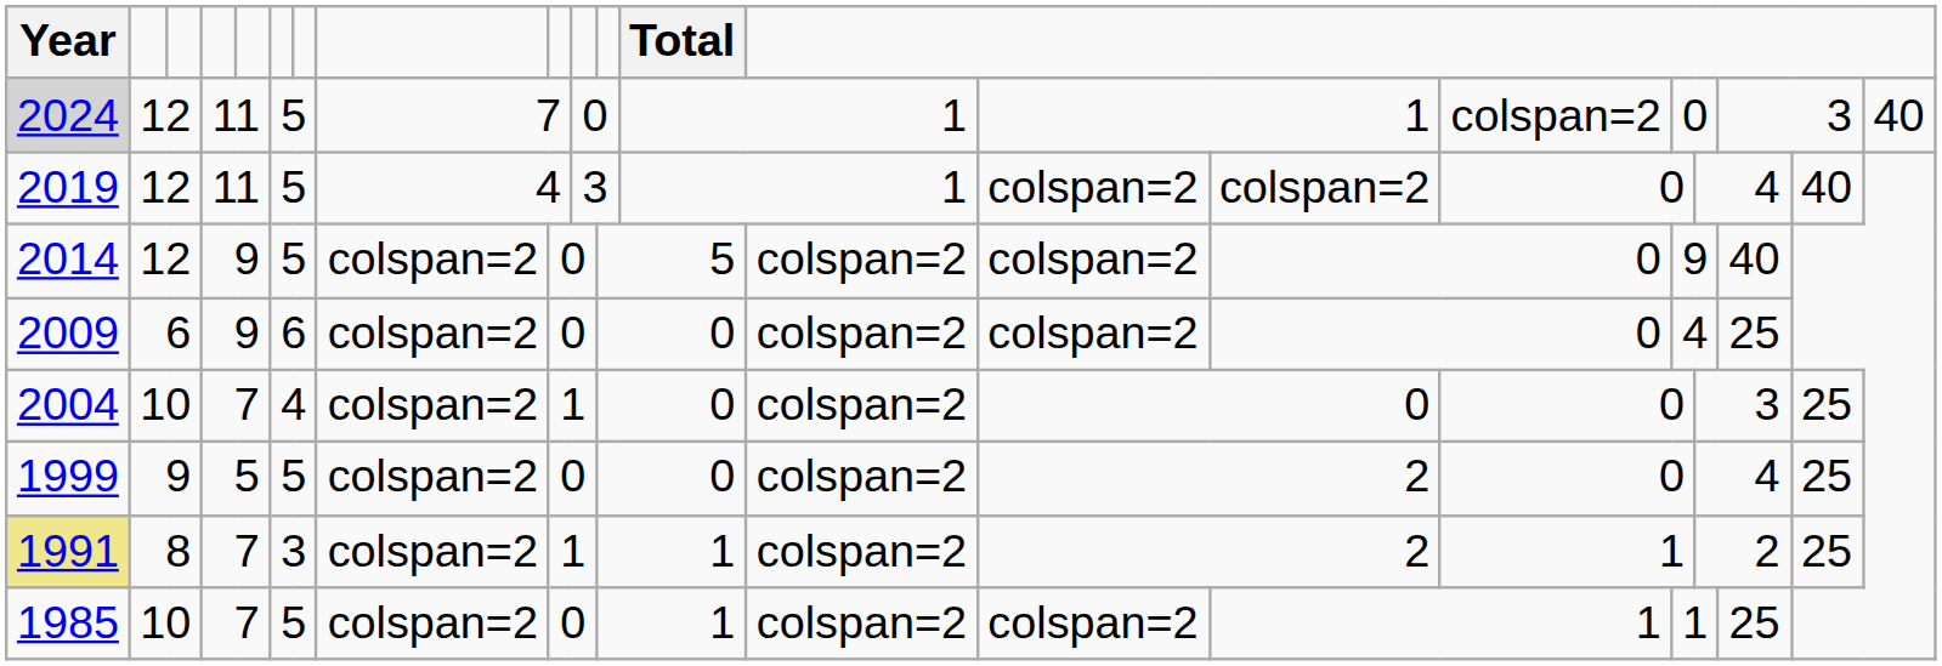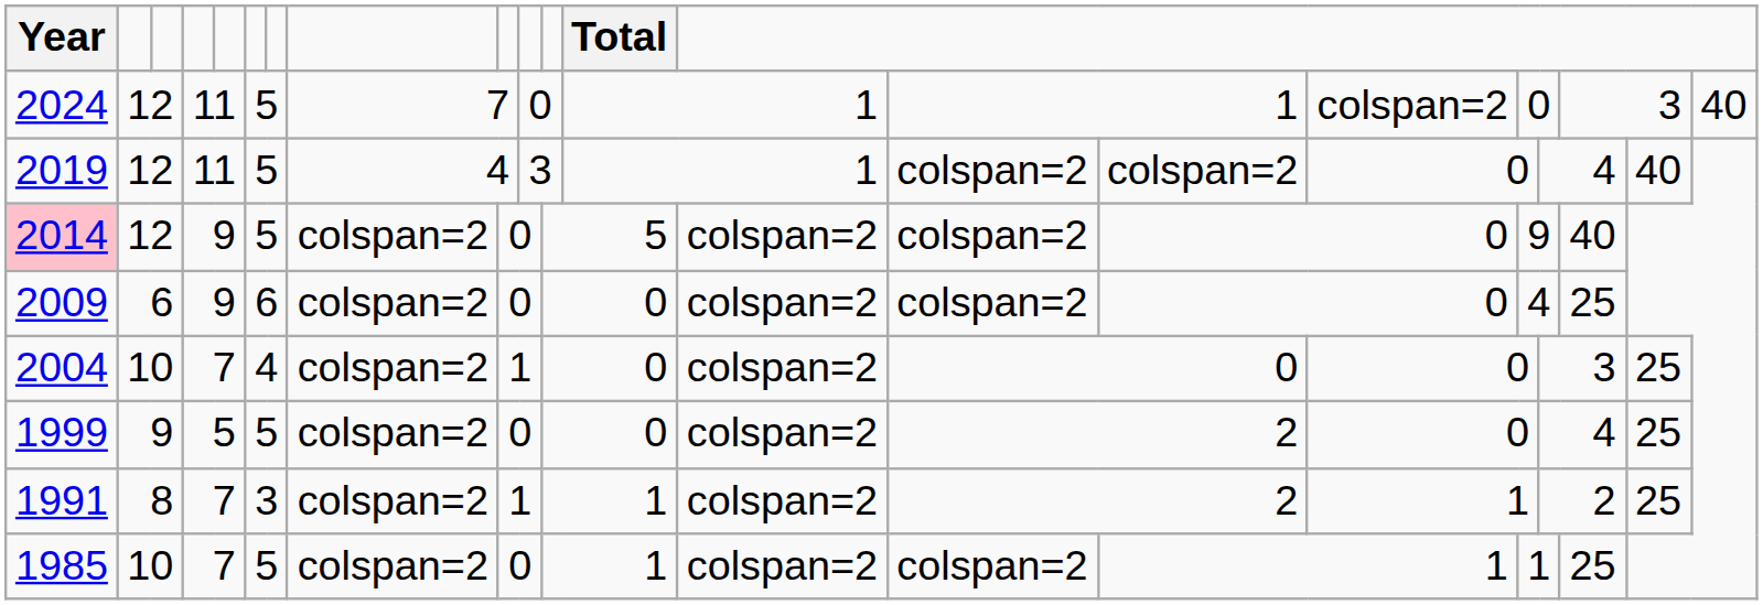 <table class="wikitable" style="text-align:right; padding-left:1em">
 <tr>
 <th align="left">Year</th>
 <td></td>
 <td></td>
 <td></td>
 <td></td>
 <td></td>
 <td></td>
 <td></td>
 <td></td>
 <td></td>
 <td></td>
 <th align="left">Total</th>
 </tr>
 <tr>
-<td align=left style="background: lightgrey;"><a href='#'>2024</a></td>
+<td align=left><a href='#'>2024</a></td>
 <td colspan=2>12</td>
 <td colspan=2>11</td>
 <td colspan=2>5</td>
 <td colspan=2>7</td>
 <td colspan=2>0</td>
 <td colspan=2>1</td>
 <td colspan=2>1</td>
 <td>colspan=2 </td>
 <td colspan=2>0</td>
 <td colspan=2>3</td>
 <td>40</td>
 </tr>
 <tr>
 <td align=left><a href='#'>2019</a></td>
 <td colspan=2>12</td>
 <td colspan=2>11</td>
 <td colspan=2>5</td>
 <td colspan=2>4</td>
 <td colspan=2>3</td>
 <td colspan=2>1</td>
 <td>colspan=2 </td>
 <td>colspan=2 </td>
 <td colspan=2>0</td>
 <td colspan=2>4</td>
 <td>40</td>
 </tr>
 <tr>
-<td align=left><a href='#'>2014</a></td>
+<td align=left style="background: pink;"><a href='#'>2014</a></td>
 <td colspan=2>12</td>
 <td colspan=2>9</td>
 <td colspan=2>5</td>
 <td>colspan=2 </td>
 <td colspan=2>0</td>
 <td colspan=2>5</td>
 <td>colspan=2 </td>
 <td>colspan=2 </td>
 <td colspan=2>0</td>
 <td colspan=2>9</td>
 <td>40</td>
 </tr>
 <tr>
 <td align=left><a href='#'>2009</a></td>
 <td colspan=2>6</td>
 <td colspan=2>9</td>
 <td colspan=2>6</td>
 <td>colspan=2 </td>
 <td colspan=2>0</td>
 <td colspan=2>0</td>
 <td>colspan=2 </td>
 <td>colspan=2 </td>
 <td colspan=2>0</td>
 <td colspan=2>4</td>
 <td>25</td>
 </tr>
 <tr>
 <td align=left><a href='#'>2004</a></td>
 <td colspan=2>10</td>
 <td colspan=2>7</td>
 <td colspan=2>4</td>
 <td>colspan=2 </td>
 <td colspan=2>1</td>
 <td colspan=2>0</td>
 <td>colspan=2 </td>
 <td colspan=2>0</td>
 <td colspan=2>0</td>
 <td colspan=2>3</td>
 <td>25</td>
 </tr>
 <tr>
 <td align=left><a href='#'>1999</a></td>
 <td colspan=2>9</td>
 <td colspan=2>5</td>
 <td colspan=2>5</td>
 <td>colspan=2 </td>
 <td colspan=2>0</td>
 <td colspan=2>0</td>
 <td>colspan=2 </td>
 <td colspan=2>2</td>
 <td colspan=2>0</td>
 <td colspan=2>4</td>
 <td>25</td>
 </tr>
 <tr>
-<td align=left style="background: khaki;"><a href='#'>1991</a></td>
+<td align=left><a href='#'>1991</a></td>
 <td colspan=2>8</td>
 <td colspan=2>7</td>
 <td colspan=2>3</td>
 <td>colspan=2 </td>
 <td colspan=2>1</td>
 <td colspan=2>1</td>
 <td>colspan=2 </td>
 <td colspan=2>2</td>
 <td colspan=2>1</td>
 <td colspan=2>2</td>
 <td>25</td>
 </tr>
 <tr>
 <td align=left><a href='#'>1985</a></td>
 <td colspan=2>10</td>
 <td colspan=2>7</td>
 <td colspan=2>5</td>
 <td>colspan=2 </td>
 <td colspan=2>0</td>
 <td colspan=2>1</td>
 <td>colspan=2 </td>
 <td>colspan=2 </td>
 <td colspan=2>1</td>
 <td colspan=2>1</td>
 <td>25</td>
 </tr>
 </table>
